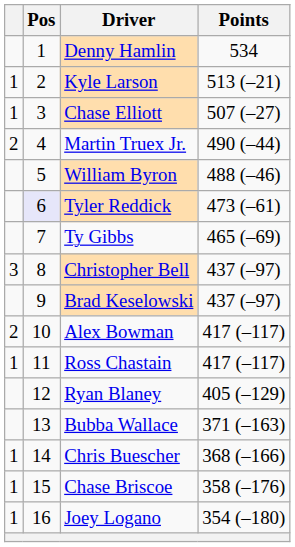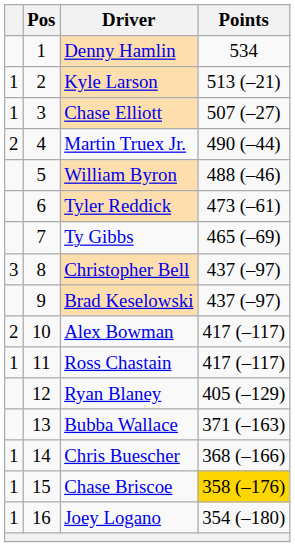 <table class="wikitable" style="font-size: 95%;">
 <tr>
 <th></th>
 <th>Pos</th>
 <th>Driver</th>
 <th>Points</th>
 </tr>
 <tr>
 <td align="left"></td>
 <td style="text-align:center;">1</td>
 <td style="background:#FFDEAD;"><a href='#'>Denny Hamlin</a></td>
 <td style="text-align:center;">534</td>
 </tr>
 <tr>
 <td align="left"> 1</td>
 <td style="text-align:center;">2</td>
 <td style="background:#FFDEAD;"><a href='#'>Kyle Larson</a></td>
 <td style="text-align:center;">513 (–21)</td>
 </tr>
 <tr>
 <td align="left"> 1</td>
 <td style="text-align:center;">3</td>
 <td style="background:#FFDEAD;"><a href='#'>Chase Elliott</a></td>
 <td style="text-align:center;">507 (–27)</td>
 </tr>
 <tr>
 <td align="left"> 2</td>
 <td style="text-align:center;">4</td>
 <td><a href='#'>Martin Truex Jr.</a></td>
 <td style="text-align:center;">490 (–44)</td>
 </tr>
 <tr>
 <td align="left"></td>
 <td style="text-align:center;">5</td>
 <td style="background:#FFDEAD;"><a href='#'>William Byron</a></td>
 <td style="text-align:center;">488 (–46)</td>
 </tr>
 <tr>
 <td align="left"></td>
-<td style="background: lavender; text-align:center;">6</td>
+<td style="text-align:center;">6</td>
 <td style="background:#FFDEAD;"><a href='#'>Tyler Reddick</a></td>
 <td style="text-align:center;">473 (–61)</td>
 </tr>
 <tr>
 <td align="left"></td>
 <td style="text-align:center;">7</td>
 <td><a href='#'>Ty Gibbs</a></td>
 <td style="text-align:center;">465 (–69)</td>
 </tr>
 <tr>
 <td align="left"> 3</td>
 <td style="text-align:center;">8</td>
 <td style="background:#FFDEAD;"><a href='#'>Christopher Bell</a></td>
 <td style="text-align:center;">437 (–97)</td>
 </tr>
 <tr>
 <td align="left"></td>
 <td style="text-align:center;">9</td>
 <td style="background:#FFDEAD;"><a href='#'>Brad Keselowski</a></td>
 <td style="text-align:center;">437 (–97)</td>
 </tr>
 <tr>
 <td align="left"> 2</td>
 <td style="text-align:center;">10</td>
 <td><a href='#'>Alex Bowman</a></td>
 <td style="text-align:center;">417 (–117)</td>
 </tr>
 <tr>
 <td align="left"> 1</td>
 <td style="text-align:center;">11</td>
 <td><a href='#'>Ross Chastain</a></td>
 <td style="text-align:center;">417 (–117)</td>
 </tr>
 <tr>
 <td align="left"></td>
 <td style="text-align:center;">12</td>
 <td><a href='#'>Ryan Blaney</a></td>
 <td style="text-align:center;">405 (–129)</td>
 </tr>
 <tr>
 <td align="left"></td>
 <td style="text-align:center;">13</td>
 <td><a href='#'>Bubba Wallace</a></td>
 <td style="text-align:center;">371 (–163)</td>
 </tr>
 <tr>
 <td align="left"> 1</td>
 <td style="text-align:center;">14</td>
 <td><a href='#'>Chris Buescher</a></td>
 <td style="text-align:center;">368 (–166)</td>
 </tr>
 <tr>
 <td align="left"> 1</td>
 <td style="text-align:center;">15</td>
 <td><a href='#'>Chase Briscoe</a></td>
-<td style="text-align:center;">358 (–176)</td>
+<td style="background: gold; text-align:center;">358 (–176)</td>
 </tr>
 <tr>
 <td align="left"> 1</td>
 <td style="text-align:center;">16</td>
 <td><a href='#'>Joey Logano</a></td>
 <td style="text-align:center;">354 (–180)</td>
 </tr>
 <tr class="sortbottom">
 <th colspan="9"></th>
 </tr>
 </table>
